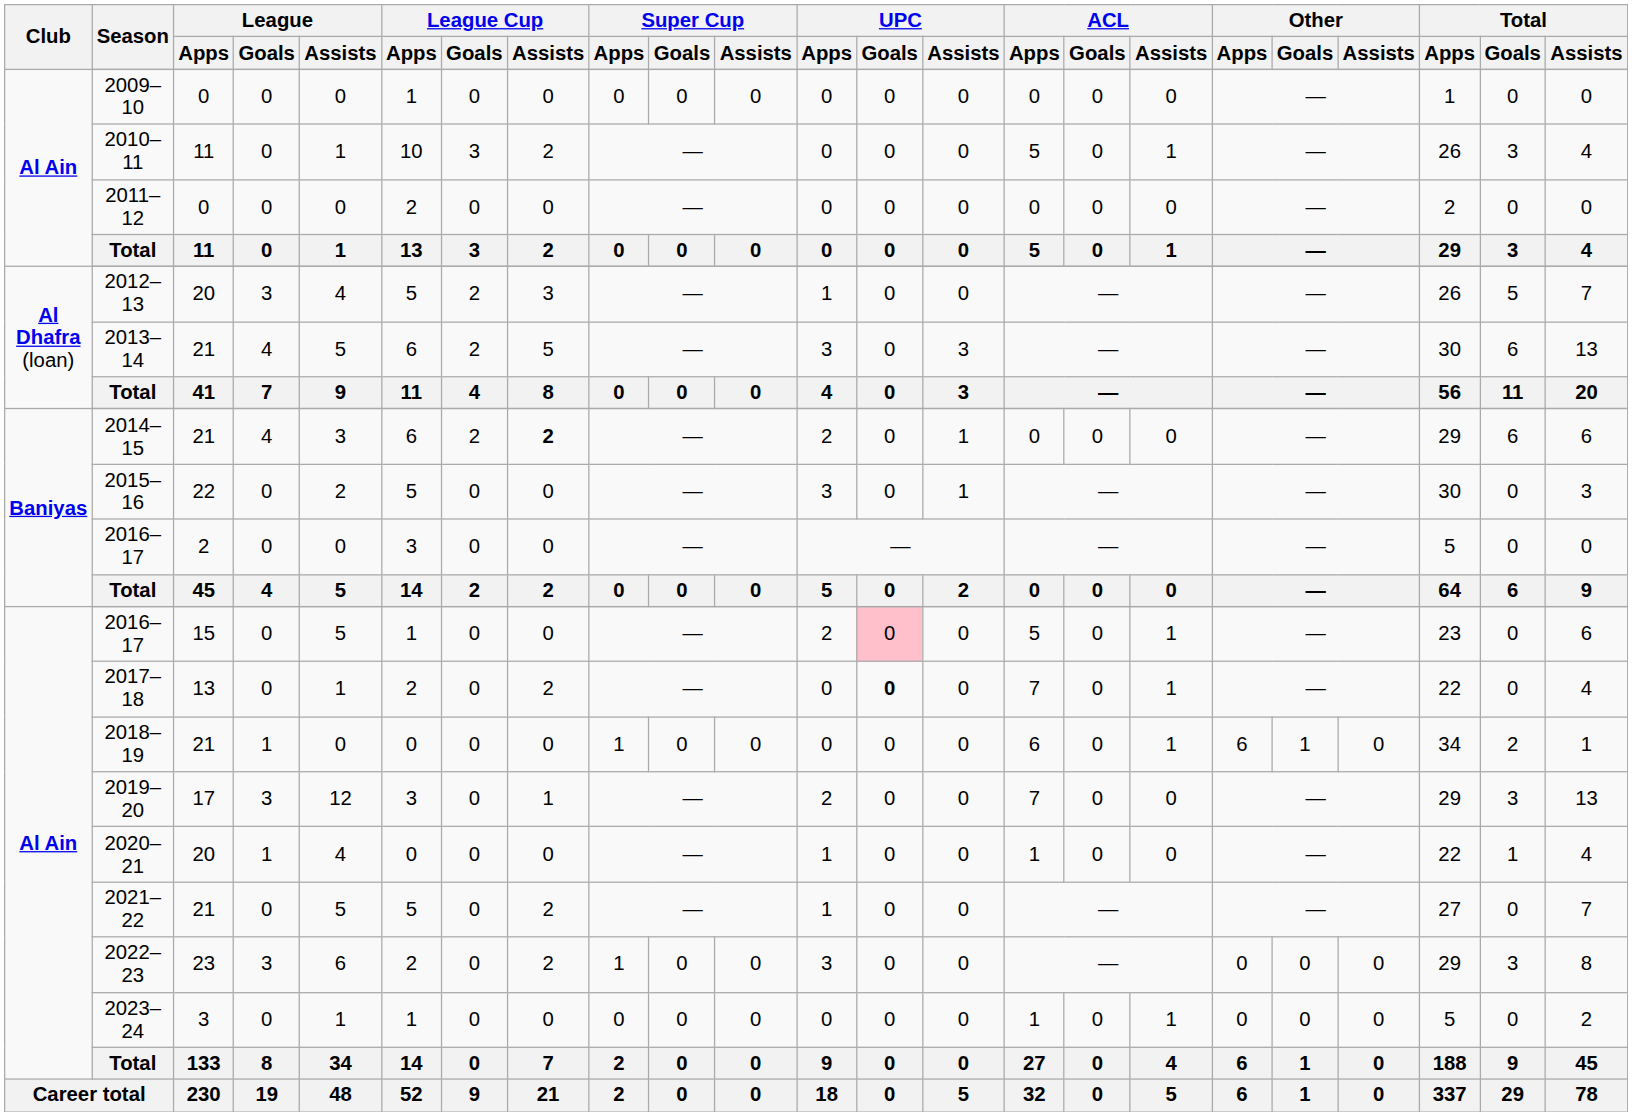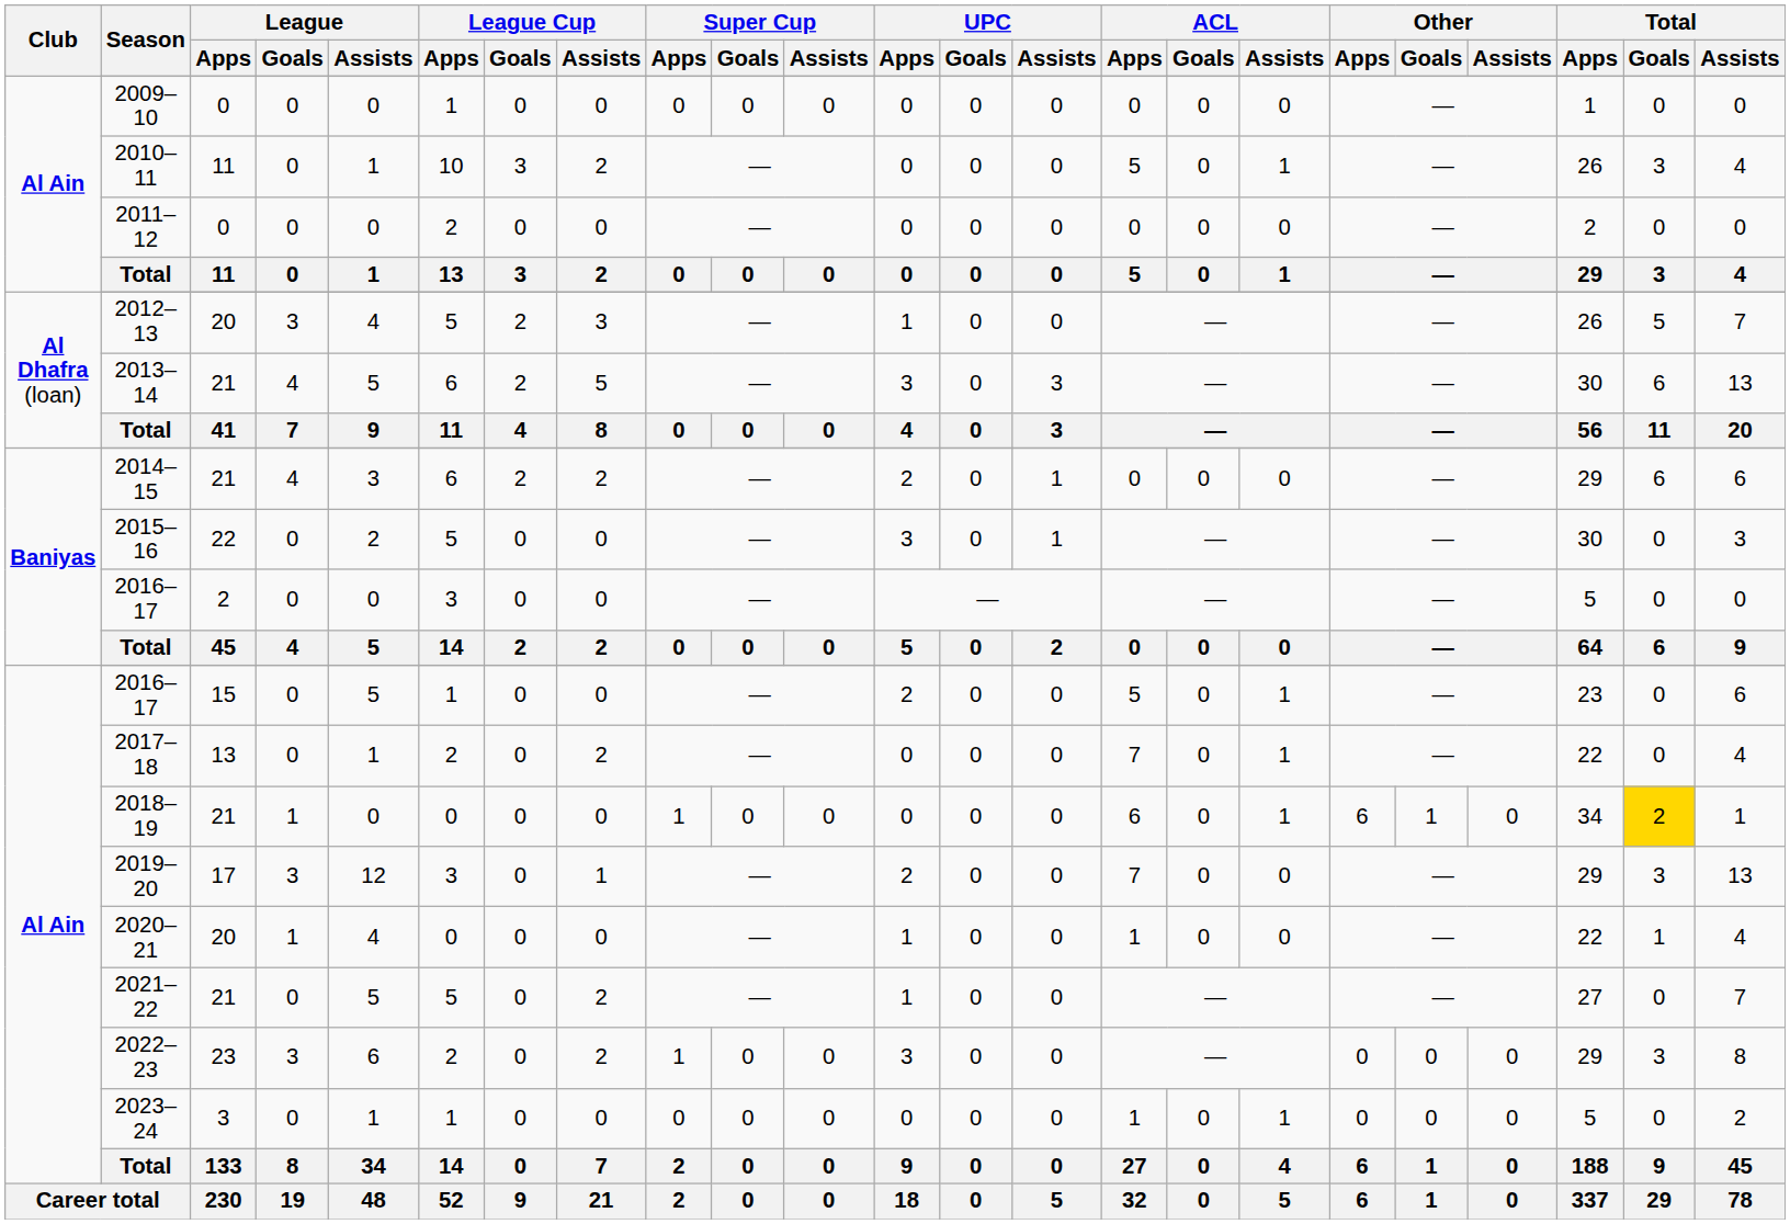 <table class="wikitable" style="text-align: center;">
 <tr>
 <th rowspan="2">Club</th>
 <th rowspan="2" style="width:70px;">Season</th>
 <th colspan="3">League</th>
 <th colspan="3"><a href='#'>League Cup</a></th>
 <th colspan="3"><a href='#'>Super Cup</a></th>
 <th colspan="3"><a href='#'>UPC</a></th>
 <th colspan="3"><a href='#'>ACL</a></th>
 <th colspan="3">Other</th>
 <th colspan="3">Total</th>
 </tr>
 <tr>
 <th>Apps</th>
 <th>Goals</th>
 <th>Assists</th>
 <th>Apps</th>
 <th>Goals</th>
 <th>Assists</th>
 <th>Apps</th>
 <th>Goals</th>
 <th>Assists</th>
 <th>Apps</th>
 <th>Goals</th>
 <th>Assists</th>
 <th>Apps</th>
 <th>Goals</th>
 <th>Assists</th>
 <th>Apps</th>
 <th>Goals</th>
 <th>Assists</th>
 <th>Apps</th>
 <th>Goals</th>
 <th>Assists</th>
 </tr>
 <tr align=center>
 <td rowspan="5" align=center valign=center><strong><a href='#'>Al Ain</a></strong></td>
 </tr>
 <tr>
 <td>2009–10</td>
 <td>0</td>
 <td>0</td>
 <td>0</td>
 <td>1</td>
 <td>0</td>
 <td>0</td>
 <td>0</td>
 <td>0</td>
 <td>0</td>
 <td>0</td>
 <td>0</td>
 <td>0</td>
 <td>0</td>
 <td>0</td>
 <td>0</td>
 <td colspan="3">—</td>
 <td>1</td>
 <td>0</td>
 <td>0</td>
 </tr>
 <tr>
 <td>2010–11</td>
 <td>11</td>
 <td>0</td>
 <td>1</td>
 <td>10</td>
 <td>3</td>
 <td>2</td>
 <td colspan="3">—</td>
 <td>0</td>
 <td>0</td>
 <td>0</td>
 <td>5</td>
 <td>0</td>
 <td>1</td>
 <td colspan="3">—</td>
 <td>26</td>
 <td>3</td>
 <td>4</td>
 </tr>
 <tr>
 <td>2011–12</td>
 <td>0</td>
 <td>0</td>
 <td>0</td>
 <td>2</td>
 <td>0</td>
 <td>0</td>
 <td colspan="3">—</td>
 <td>0</td>
 <td>0</td>
 <td>0</td>
 <td>0</td>
 <td>0</td>
 <td>0</td>
 <td colspan="3">—</td>
 <td>2</td>
 <td>0</td>
 <td>0</td>
 </tr>
 <tr>
 <th colspan="1">Total</th>
 <th>11</th>
 <th>0</th>
 <th>1</th>
 <th>13</th>
 <th>3</th>
 <th>2</th>
 <th>0</th>
 <th>0</th>
 <th>0</th>
 <th>0</th>
 <th>0</th>
 <th>0</th>
 <th>5</th>
 <th>0</th>
 <th>1</th>
 <th colspan="3">—</th>
 <th>29</th>
 <th>3</th>
 <th>4</th>
 </tr>
 <tr>
 <td rowspan="4" align=center valign=center><strong><a href='#'>Al Dhafra</a></strong> (loan)</td>
 </tr>
 <tr>
 <td>2012–13</td>
 <td>20</td>
 <td>3</td>
 <td>4</td>
 <td>5</td>
 <td>2</td>
 <td>3</td>
 <td colspan="3">—</td>
 <td>1</td>
 <td>0</td>
 <td>0</td>
 <td colspan="3">—</td>
 <td colspan="3">—</td>
 <td>26</td>
 <td>5</td>
 <td>7</td>
 </tr>
 <tr>
 <td>2013–14</td>
 <td>21</td>
 <td>4</td>
 <td>5</td>
 <td>6</td>
 <td>2</td>
 <td>5</td>
 <td colspan="3">—</td>
 <td>3</td>
 <td>0</td>
 <td>3</td>
 <td colspan="3">—</td>
 <td colspan="3">—</td>
 <td>30</td>
 <td>6</td>
 <td>13</td>
 </tr>
 <tr>
 <th colspan="1">Total</th>
 <th>41</th>
 <th>7</th>
 <th>9</th>
 <th>11</th>
 <th>4</th>
 <th>8</th>
 <th>0</th>
 <th>0</th>
 <th>0</th>
 <th>4</th>
 <th>0</th>
 <th>3</th>
 <th colspan="3">—</th>
 <th colspan="3">—</th>
 <th>56</th>
 <th>11</th>
 <th>20</th>
 </tr>
 <tr>
 <td rowspan="5" align=center valign=center><strong><a href='#'>Baniyas</a></strong></td>
 </tr>
 <tr>
 <td>2014–15</td>
 <td>21</td>
 <td>4</td>
 <td>3</td>
 <td>6</td>
 <td>2</td>
-<td><strong>2</strong></td>
+<td>2</td>
 <td colspan="3">—</td>
 <td>2</td>
 <td>0</td>
 <td>1</td>
 <td>0</td>
 <td>0</td>
 <td>0</td>
 <td colspan="3">—</td>
 <td>29</td>
 <td>6</td>
 <td>6</td>
 </tr>
 <tr>
 <td>2015–16</td>
 <td>22</td>
 <td>0</td>
 <td>2</td>
 <td>5</td>
 <td>0</td>
 <td>0</td>
 <td colspan="3">—</td>
 <td>3</td>
 <td>0</td>
 <td>1</td>
 <td colspan="3">—</td>
 <td colspan="3">—</td>
 <td>30</td>
 <td>0</td>
 <td>3</td>
 </tr>
 <tr>
 <td>2016–17</td>
 <td>2</td>
 <td>0</td>
 <td>0</td>
 <td>3</td>
 <td>0</td>
 <td>0</td>
 <td colspan="3">—</td>
 <td colspan="3">—</td>
 <td colspan="3">—</td>
 <td colspan="3">—</td>
 <td>5</td>
 <td>0</td>
 <td>0</td>
 </tr>
 <tr>
 <th colspan="1">Total</th>
 <th>45</th>
 <th>4</th>
 <th>5</th>
 <th>14</th>
 <th>2</th>
 <th>2</th>
 <th>0</th>
 <th>0</th>
 <th>0</th>
 <th>5</th>
 <th>0</th>
 <th>2</th>
 <th>0</th>
 <th>0</th>
 <th>0</th>
 <th colspan="3">—</th>
 <th>64</th>
 <th>6</th>
 <th>9</th>
 </tr>
 <tr>
 <td rowspan="10" align=center valign=center><strong><a href='#'>Al Ain</a></strong></td>
 </tr>
 <tr>
 <td>2016–17</td>
 <td>15</td>
 <td>0</td>
 <td>5</td>
 <td>1</td>
 <td>0</td>
 <td>0</td>
 <td colspan="3">—</td>
 <td>2</td>
-<td style="background: pink;">0</td>
+<td>0</td>
 <td>0</td>
 <td>5</td>
 <td>0</td>
 <td>1</td>
 <td colspan="3">—</td>
 <td>23</td>
 <td>0</td>
 <td>6</td>
 </tr>
 <tr>
 <td>2017–18</td>
 <td>13</td>
 <td>0</td>
 <td>1</td>
 <td>2</td>
 <td>0</td>
 <td>2</td>
 <td colspan="3">—</td>
 <td>0</td>
-<td><strong>0</strong></td>
+<td>0</td>
 <td>0</td>
 <td>7</td>
 <td>0</td>
 <td>1</td>
 <td colspan="3">—</td>
 <td>22</td>
 <td>0</td>
 <td>4</td>
 </tr>
 <tr>
 <td>2018–19</td>
 <td>21</td>
 <td>1</td>
 <td>0</td>
 <td>0</td>
 <td>0</td>
 <td>0</td>
 <td>1</td>
 <td>0</td>
 <td>0</td>
 <td>0</td>
 <td>0</td>
 <td>0</td>
 <td>6</td>
 <td>0</td>
 <td>1</td>
 <td>6</td>
 <td>1</td>
 <td>0</td>
 <td>34</td>
-<td>2</td>
+<td style="background: gold;">2</td>
 <td>1</td>
 </tr>
 <tr>
 <td>2019–20</td>
 <td>17</td>
 <td>3</td>
 <td>12</td>
 <td>3</td>
 <td>0</td>
 <td>1</td>
 <td colspan="3">—</td>
 <td>2</td>
 <td>0</td>
 <td>0</td>
 <td>7</td>
 <td>0</td>
 <td>0</td>
 <td colspan="3">—</td>
 <td>29</td>
 <td>3</td>
 <td>13</td>
 </tr>
 <tr>
 <td>2020–21</td>
 <td>20</td>
 <td>1</td>
 <td>4</td>
 <td>0</td>
 <td>0</td>
 <td>0</td>
 <td colspan="3">—</td>
 <td>1</td>
 <td>0</td>
 <td>0</td>
 <td>1</td>
 <td>0</td>
 <td>0</td>
 <td colspan="3">—</td>
 <td>22</td>
 <td>1</td>
 <td>4</td>
 </tr>
 <tr>
 <td>2021–22</td>
 <td>21</td>
 <td>0</td>
 <td>5</td>
 <td>5</td>
 <td>0</td>
 <td>2</td>
 <td colspan="3">—</td>
 <td>1</td>
 <td>0</td>
 <td>0</td>
 <td colspan="3">—</td>
 <td colspan="3">—</td>
 <td>27</td>
 <td>0</td>
 <td>7</td>
 </tr>
 <tr>
 <td>2022–23</td>
 <td>23</td>
 <td>3</td>
 <td>6</td>
 <td>2</td>
 <td>0</td>
 <td>2</td>
 <td>1</td>
 <td>0</td>
 <td>0</td>
 <td>3</td>
 <td>0</td>
 <td>0</td>
 <td colspan="3">—</td>
 <td>0</td>
 <td>0</td>
 <td>0</td>
 <td>29</td>
 <td>3</td>
 <td>8</td>
 </tr>
 <tr>
 <td>2023–24</td>
 <td>3</td>
 <td>0</td>
 <td>1</td>
 <td>1</td>
 <td>0</td>
 <td>0</td>
 <td>0</td>
 <td>0</td>
 <td>0</td>
 <td>0</td>
 <td>0</td>
 <td>0</td>
 <td>1</td>
 <td>0</td>
 <td>1</td>
 <td>0</td>
 <td>0</td>
 <td>0</td>
 <td>5</td>
 <td>0</td>
 <td>2</td>
 </tr>
 <tr>
 <th colspan="1">Total</th>
 <th>133</th>
 <th>8</th>
 <th>34</th>
 <th>14</th>
 <th>0</th>
 <th>7</th>
 <th>2</th>
 <th>0</th>
 <th>0</th>
 <th>9</th>
 <th>0</th>
 <th>0</th>
 <th>27</th>
 <th>0</th>
 <th>4</th>
 <th>6</th>
 <th>1</th>
 <th>0</th>
 <th>188</th>
 <th>9</th>
 <th>45</th>
 </tr>
 <tr>
 <th colspan="2">Career total</th>
 <th>230</th>
 <th>19</th>
 <th>48</th>
 <th>52</th>
 <th>9</th>
 <th>21</th>
 <th>2</th>
 <th>0</th>
 <th>0</th>
 <th>18</th>
 <th>0</th>
 <th>5</th>
 <th>32</th>
 <th>0</th>
 <th>5</th>
 <th>6</th>
 <th>1</th>
 <th>0</th>
 <th>337</th>
 <th>29</th>
 <th>78</th>
 </tr>
 </table>
